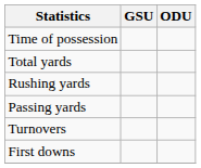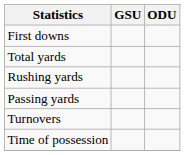 <table class="wikitable" style="float: left;">
 <tr>
 <th>Statistics</th>
 <th>GSU</th>
 <th>ODU</th>
 </tr>
 <tr>
-<td>Time of possession</td>
+<td>First downs</td>
 <td></td>
 <td></td>
 </tr>
 <tr>
 <td>Total yards</td>
 <td></td>
 <td></td>
 </tr>
 <tr>
 <td>Rushing yards</td>
 <td></td>
 <td></td>
 </tr>
 <tr>
 <td>Passing yards</td>
 <td></td>
 <td></td>
 </tr>
 <tr>
 <td>Turnovers</td>
 <td></td>
 <td></td>
 </tr>
 <tr>
-<td>First downs</td>
+<td>Time of possession</td>
 <td></td>
 <td></td>
 </tr>
 <tr>
 </tr>
 </table>
